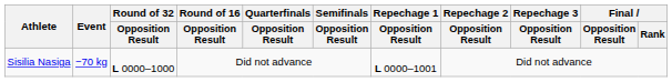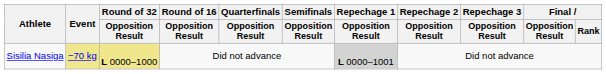 <table class="wikitable" style="font-size:90%">
 <tr>
 <th rowspan="2">Athlete</th>
 <th rowspan="2">Event</th>
 <th>Round of 32</th>
 <th>Round of 16</th>
 <th>Quarterfinals</th>
 <th>Semifinals</th>
 <th>Repechage 1</th>
 <th>Repechage 2</th>
 <th>Repechage 3</th>
 <th colspan=2>Final / </th>
 </tr>
 <tr style="font-size:95%">
 <th>Opposition<br>Result</th>
 <th>Opposition<br>Result</th>
 <th>Opposition<br>Result</th>
 <th>Opposition<br>Result</th>
 <th>Opposition<br>Result</th>
 <th>Opposition<br>Result</th>
 <th>Opposition<br>Result</th>
 <th>Opposition<br>Result</th>
 <th>Rank</th>
 </tr>
 <tr align=center>
 <td align=left><a href='#'>Sisilia Nasiga</a></td>
-<td align=left><a href='#'>−70 kg</a></td>
-<td><br><strong>L</strong> 0000–1000</td>
+<td align=left style="background: khaki;"><a href='#'>−70 kg</a></td>
+<td style="background: khaki;"><br><strong>L</strong> 0000–1000</td>
 <td colspan=3>Did not advance</td>
-<td><br><strong>L</strong> 0000–1001</td>
+<td style="background: lightgrey;"><br><strong>L</strong> 0000–1001</td>
 <td colspan=4>Did not advance</td>
 </tr>
 </table>
